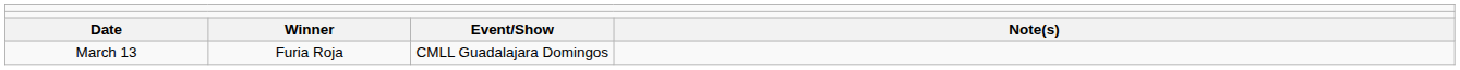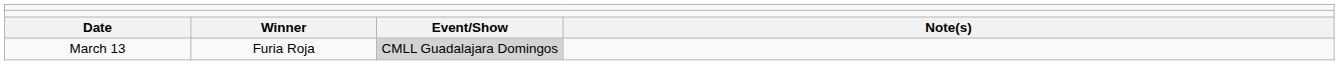 <table class="wikitable" style="text-align:center; width:100%;">
 <tr>
 <td colspan="5"></td>
 </tr>
 <tr>
 <td colspan="5"><strong></strong></td>
 </tr>
 <tr>
 <th width=14%>Date</th>
 <th width=14%>Winner</th>
 <th width=14%>Event/Show</th>
 <th width=58%>Note(s)</th>
 </tr>
 <tr>
 <td>March 13</td>
 <td>Furia Roja</td>
-<td>CMLL Guadalajara Domingos</td>
+<td style="background: lightgrey;">CMLL Guadalajara Domingos</td>
 <td></td>
 </tr>
 </table>
